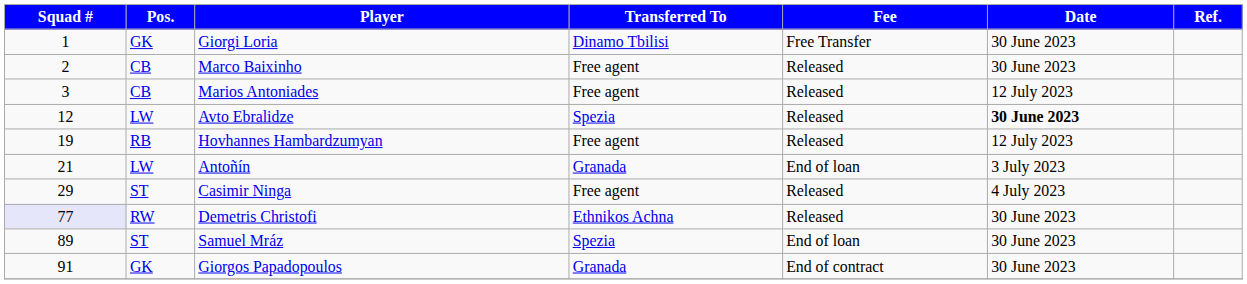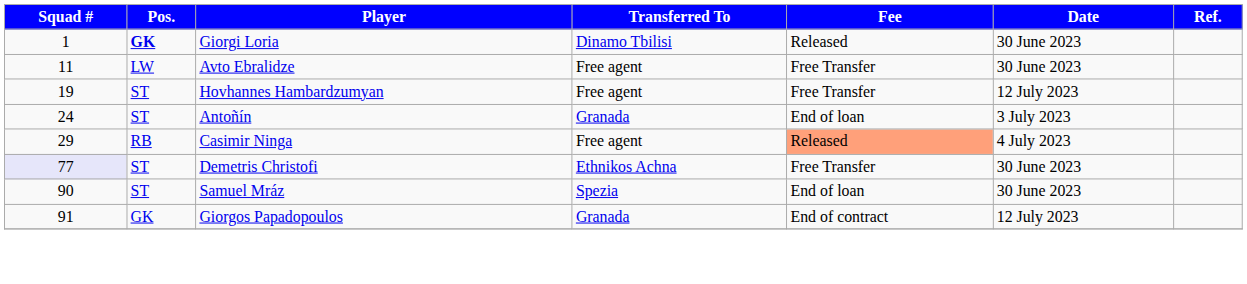 <table class="wikitable sortable" style="width:100%; text-align:center; font-size:101%; text-align:left;">
 <tr>
 <th style="background:#0000FF; color:#FFFFFF; ">Squad #</th>
 <th style="background:#0000FF; color:#FFFFFF; ">Pos.</th>
 <th style="background:#0000FF; color:#FFFFFF; ">Player</th>
 <th style="background:#0000FF; color:#FFFFFF; ">Transferred To</th>
 <th style="background:#0000FF; color:#FFFFFF; ">Fee</th>
 <th style="background:#0000FF; color:#FFFFFF; ">Date</th>
 <th style="background:#0000FF; color:#FFFFFF; ">Ref.</th>
 </tr>
 <tr>
 <td align="center">1</td>
-<td><a href='#'>GK</a></td>
+<td><strong><a href='#'>GK</a></strong></td>
 <td> <a href='#'>Giorgi Loria</a></td>
 <td> <a href='#'>Dinamo Tbilisi</a></td>
+<td>Released</td>
+<td>30 June 2023</td>
+<td></td>
+</tr>
+<tr>
+<td align="center">11</td>
+<td><a href='#'>LW</a></td>
+<td> <a href='#'>Avto Ebralidze</a></td>
+<td>Free agent</td>
 <td>Free Transfer</td>
 <td>30 June 2023</td>
 <td></td>
 </tr>
 <tr>
-<td align="center">2</td>
-<td><a href='#'>CB</a></td>
-<td> <a href='#'>Marco Baixinho</a></td>
+<td align="center">19</td>
+<td><a href='#'>ST</a></td>
+<td> <a href='#'>Hovhannes Hambardzumyan</a></td>
 <td>Free agent</td>
-<td>Released</td>
-<td>30 June 2023</td>
-<td></td>
-</tr>
-<tr>
-<td align="center">3</td>
-<td><a href='#'>CB</a></td>
-<td> <a href='#'>Marios Antoniades</a></td>
-<td>Free agent</td>
-<td>Released</td>
+<td>Free Transfer</td>
 <td>12 July 2023</td>
 <td></td>
 </tr>
 <tr>
-<td align="center">12</td>
-<td><a href='#'>LW</a></td>
-<td> <a href='#'>Avto Ebralidze</a></td>
-<td> <a href='#'>Spezia</a></td>
-<td>Released</td>
-<td><strong>30 June 2023</strong></td>
-<td></td>
-</tr>
-<tr>
-<td align="center">19</td>
-<td><a href='#'>RB</a></td>
-<td> <a href='#'>Hovhannes Hambardzumyan</a></td>
-<td>Free agent</td>
-<td>Released</td>
-<td>12 July 2023</td>
-<td></td>
-</tr>
-<tr>
-<td align="center">21</td>
-<td><a href='#'>LW</a></td>
+<td align="center">24</td>
+<td><a href='#'>ST</a></td>
 <td> <a href='#'>Antoñín</a></td>
 <td> <a href='#'>Granada</a></td>
 <td>End of loan</td>
 <td>3 July 2023</td>
 <td></td>
 </tr>
 <tr>
 <td align="center">29</td>
-<td><a href='#'>ST</a></td>
+<td><a href='#'>RB</a></td>
 <td> <a href='#'>Casimir Ninga</a></td>
 <td>Free agent</td>
-<td>Released</td>
+<td style="background: lightsalmon;">Released</td>
 <td>4 July 2023</td>
 <td></td>
 </tr>
 <tr>
 <td align="center" style="background: lavender;">77</td>
-<td><a href='#'>RW</a></td>
+<td><a href='#'>ST</a></td>
 <td> <a href='#'>Demetris Christofi</a></td>
 <td> <a href='#'>Ethnikos Achna</a></td>
-<td>Released</td>
+<td>Free Transfer</td>
 <td>30 June 2023</td>
 <td></td>
 </tr>
 <tr>
-<td align="center">89</td>
+<td align="center">90</td>
 <td><a href='#'>ST</a></td>
 <td> <a href='#'>Samuel Mráz</a></td>
 <td> <a href='#'>Spezia</a></td>
 <td>End of loan</td>
 <td>30 June 2023</td>
 <td></td>
 </tr>
 <tr>
 <td align="center">91</td>
 <td><a href='#'>GK</a></td>
 <td> <a href='#'>Giorgos Papadopoulos</a></td>
 <td> <a href='#'>Granada</a></td>
 <td>End of contract</td>
-<td>30 June 2023</td>
+<td>12 July 2023</td>
 <td></td>
 </tr>
 <tr>
 </tr>
 </table>
